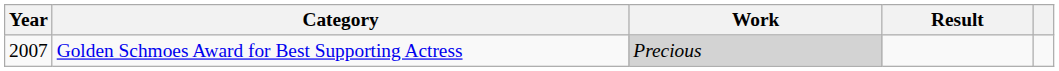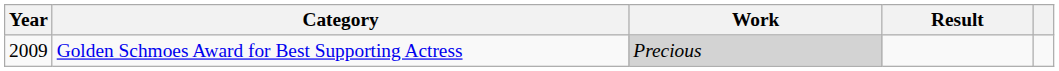 <table class="wikitable">
 <tr>
 <th scope="col" style="width:1em;">Year</th>
 <th scope="col" style="width:44em;">Category</th>
 <th scope="col" style="width:18em;">Work</th>
 <th scope="col" style="width:10em;">Result</th>
 <th class="unsortable" style="width:1em;"></th>
 </tr>
 <tr>
-<td>2007</td>
+<td>2009</td>
 <td><a href='#'>Golden Schmoes Award for Best Supporting Actress</a> </td>
 <td style="background: lightgrey;"><em>Precious</em></td>
 <td></td>
 <td></td>
 </tr>
 </table>
